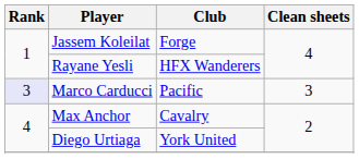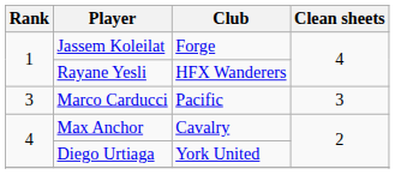 <table class="wikitable">
 <tr>
 <th>Rank</th>
 <th>Player</th>
 <th>Club</th>
 <th>Clean sheets</th>
 </tr>
 <tr>
 <td style="text-align:center" rowspan="2">1</td>
 <td> <a href='#'>Jassem Koleilat</a></td>
 <td><a href='#'>Forge</a></td>
 <td style="text-align:center" rowspan="2">4</td>
 </tr>
 <tr>
 <td> <a href='#'>Rayane Yesli</a></td>
 <td><a href='#'>HFX Wanderers</a></td>
 </tr>
 <tr>
-<td style="background: lavender; text-align:center" rowspan="1">3</td>
+<td style="text-align:center" rowspan="1">3</td>
 <td> <a href='#'>Marco Carducci</a></td>
 <td><a href='#'>Pacific</a></td>
 <td style="text-align:center" rowspan="1">3</td>
 </tr>
 <tr>
 <td style="text-align:center" rowspan="2">4</td>
 <td> <a href='#'>Max Anchor</a></td>
 <td><a href='#'>Cavalry</a></td>
 <td style="text-align:center" rowspan="2">2</td>
 </tr>
 <tr>
 <td> <a href='#'>Diego Urtiaga</a></td>
 <td><a href='#'>York United</a></td>
 </tr>
 <tr>
 </tr>
 <tr>
 </tr>
 </table>
